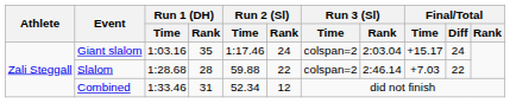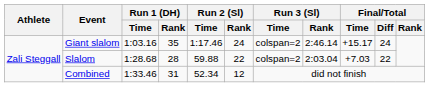 <table class="wikitable" style="font-size:90%">
 <tr>
 <th rowspan="2">Athlete</th>
 <th rowspan="2">Event</th>
 <th colspan="2">Run 1 (DH)</th>
 <th colspan="2">Run 2 (Sl)</th>
 <th colspan="2">Run 3 (Sl)</th>
 <th colspan="3">Final/Total</th>
 </tr>
 <tr>
 <th>Time</th>
 <th>Rank</th>
 <th>Time</th>
 <th>Rank</th>
 <th>Time</th>
 <th>Rank</th>
 <th>Time</th>
 <th>Diff</th>
 <th>Rank</th>
 </tr>
 <tr align="center">
 <td align="left" rowspan=3><a href='#'>Zali Steggall</a></td>
 <td align="left"><a href='#'>Giant slalom</a></td>
 <td>1:03.16</td>
 <td>35</td>
 <td>1:17.46</td>
 <td>24</td>
 <td>colspan=2 </td>
-<td>2:03.04</td>
+<td>2:46.14</td>
 <td>+15.17</td>
 <td>24</td>
 </tr>
 <tr align="center">
 <td align="left"><a href='#'>Slalom</a></td>
 <td>1:28.68</td>
 <td>28</td>
 <td>59.88</td>
 <td>22</td>
 <td>colspan=2 </td>
-<td>2:46.14</td>
+<td>2:03.04</td>
 <td>+7.03</td>
 <td>22</td>
 </tr>
 <tr align="center">
 <td align="left"><a href='#'>Combined</a></td>
 <td>1:33.46</td>
 <td>31</td>
 <td>52.34</td>
 <td>12</td>
 <td colspan=5>did not finish</td>
 </tr>
 </table>
